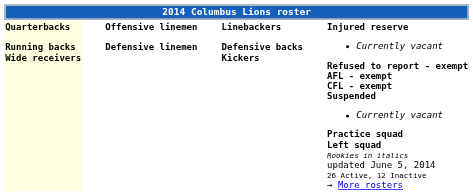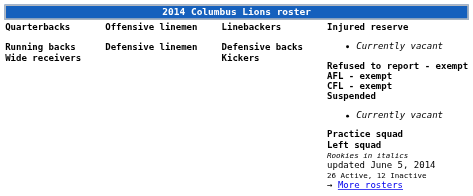 <table class="toccolours" style="text-align: left;">
 <tr>
 <th colspan="7" style="background-color:#1560BD; border:2px  solid silver; color:white; text-align:center;"><strong>2014 Columbus Lions roster</strong></th>
 </tr>
 <tr>
-<td style="background: lightyellow; font-size: 95%;" valign="top"><strong>Quarterbacks</strong><br>  <br><strong>Running backs</strong> <br><strong>Wide receivers</strong>      </td>
+<td style="font-size: 95%;" valign="top"><strong>Quarterbacks</strong><br>  <br><strong>Running backs</strong> <br><strong>Wide receivers</strong>      </td>
 <td style="width: 25px;"></td>
 <td style="font-size: 95%;" valign="top"><strong>Offensive linemen</strong><br>   <br><strong>Defensive linemen</strong>    </td>
 <td style="width: 25px;"></td>
 <td style="font-size: 95%;" valign="top"><strong>Linebackers</strong><br>  <br><strong>Defensive backs</strong>     <br><strong>Kickers</strong> </td>
 <td style="width: 25px;"></td>
 <td style="font-size: 95%;" valign="top"><strong>Injured reserve</strong><br><ul><li><em>Currently vacant</em></li></ul><strong>Refused to report - exempt</strong>     <br><strong>AFL - exempt</strong> <br><strong>CFL - exempt</strong> <br><strong>Suspended</strong><ul><li><em>Currently vacant</em></li></ul><strong>Practice squad</strong>  <br><strong>Left squad</strong>   <br><small><em>Rookies in italics</em></small><br>  updated June 5, 2014<br> <small>26 Active, 12  Inactive</small><br>→ <a href='#'>More rosters</a></td>
 </tr>
 <tr>
 </tr>
 </table>
